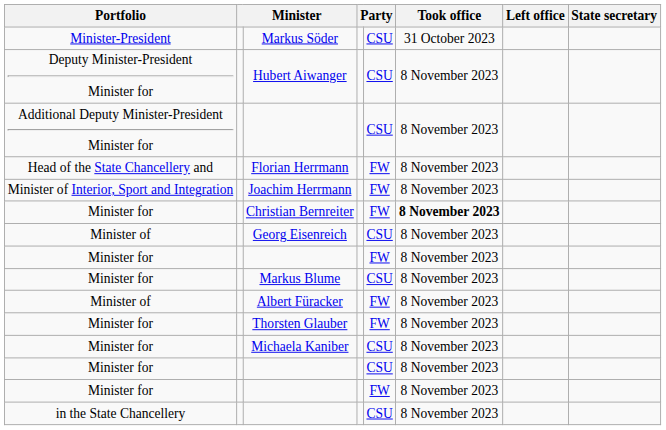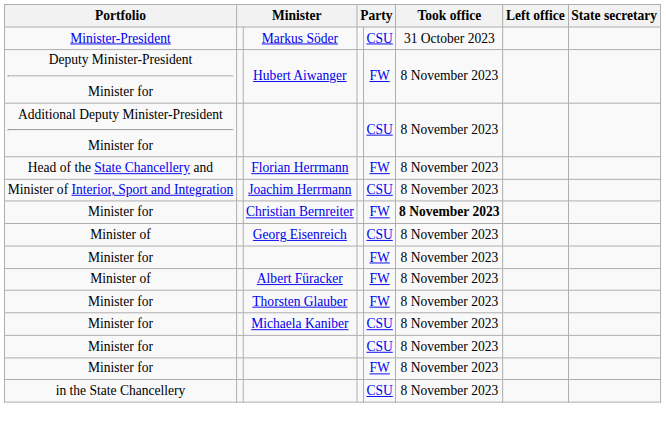 <table class="wikitable" style="font-size: 90%; text-align: center;">
 <tr>
 <th>Portfolio</th>
 <th colspan="2">Minister</th>
 <th colspan="2">Party</th>
 <th>Took office</th>
 <th>Left office</th>
 <th>State secretary</th>
 </tr>
 <tr>
 <td><a href='#'>Minister-President</a></td>
 <td></td>
 <td><a href='#'>Markus Söder</a></td>
 <td></td>
 <td><a href='#'>CSU</a></td>
 <td>31 October 2023</td>
 <td></td>
 <td></td>
 </tr>
 <tr>
 <td>Deputy Minister-President<hr>Minister for </td>
 <td></td>
 <td><a href='#'>Hubert Aiwanger</a></td>
 <td></td>
-<td><a href='#'>CSU</a></td>
+<td><a href='#'>FW</a></td>
 <td>8 November 2023</td>
 <td></td>
 <td></td>
 </tr>
 <tr>
 <td>Additional Deputy Minister-President<hr>Minister for </td>
 <td></td>
 <td></td>
 <td></td>
 <td><a href='#'>CSU</a></td>
 <td>8 November 2023</td>
 <td></td>
 <td></td>
 </tr>
 <tr>
 <td>Head of the <a href='#'>State Chancellery</a> and </td>
 <td></td>
 <td><a href='#'>Florian Herrmann</a></td>
 <td></td>
 <td><a href='#'>FW</a></td>
 <td>8 November 2023</td>
 <td></td>
 <td></td>
 </tr>
 <tr>
 <td>Minister of <a href='#'>Interior, Sport and Integration</a></td>
 <td></td>
 <td><a href='#'>Joachim Herrmann</a></td>
 <td></td>
-<td><a href='#'>FW</a></td>
+<td><a href='#'>CSU</a></td>
 <td>8 November 2023</td>
 <td></td>
 <td></td>
 </tr>
 <tr>
 <td>Minister for </td>
 <td></td>
 <td><a href='#'>Christian Bernreiter</a></td>
 <td></td>
 <td><a href='#'>FW</a></td>
 <td><strong>8 November 2023</strong></td>
 <td></td>
 <td></td>
 </tr>
 <tr>
 <td>Minister of </td>
 <td></td>
 <td><a href='#'>Georg Eisenreich</a></td>
 <td></td>
 <td><a href='#'>CSU</a></td>
 <td>8 November 2023</td>
 <td></td>
 <td></td>
 </tr>
 <tr>
 <td>Minister for </td>
 <td></td>
 <td></td>
 <td></td>
 <td><a href='#'>FW</a></td>
-<td>8 November 2023</td>
-<td></td>
-<td></td>
-</tr>
-<tr>
-<td>Minister for </td>
-<td></td>
-<td><a href='#'>Markus Blume</a></td>
-<td></td>
-<td><a href='#'>CSU</a></td>
 <td>8 November 2023</td>
 <td></td>
 <td></td>
 </tr>
 <tr>
 <td>Minister of </td>
 <td></td>
 <td><a href='#'>Albert Füracker</a></td>
 <td></td>
 <td><a href='#'>FW</a></td>
 <td>8 November 2023</td>
 <td></td>
 <td></td>
 </tr>
 <tr>
 <td>Minister for </td>
 <td></td>
 <td><a href='#'>Thorsten Glauber</a></td>
 <td></td>
 <td><a href='#'>FW</a></td>
 <td>8 November 2023</td>
 <td></td>
 <td></td>
 </tr>
 <tr>
 <td>Minister for </td>
 <td></td>
 <td><a href='#'>Michaela Kaniber</a></td>
 <td></td>
 <td><a href='#'>CSU</a></td>
 <td>8 November 2023</td>
 <td></td>
 <td></td>
 </tr>
 <tr>
 <td>Minister for </td>
 <td></td>
 <td></td>
 <td></td>
 <td><a href='#'>CSU</a></td>
 <td>8 November 2023</td>
 <td></td>
 <td></td>
 </tr>
 <tr>
 <td>Minister for </td>
 <td></td>
 <td></td>
 <td></td>
 <td><a href='#'>FW</a></td>
 <td>8 November 2023</td>
 <td></td>
 <td></td>
 </tr>
 <tr>
 <td> in the State Chancellery</td>
 <td></td>
 <td></td>
 <td></td>
 <td><a href='#'>CSU</a></td>
 <td>8 November 2023</td>
 <td></td>
 <td></td>
 </tr>
 </table>
